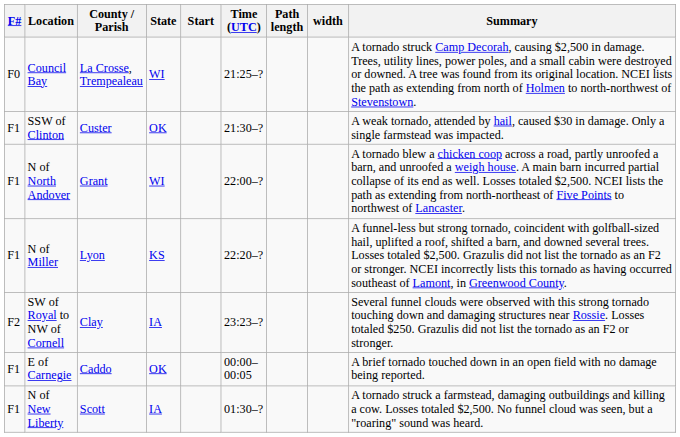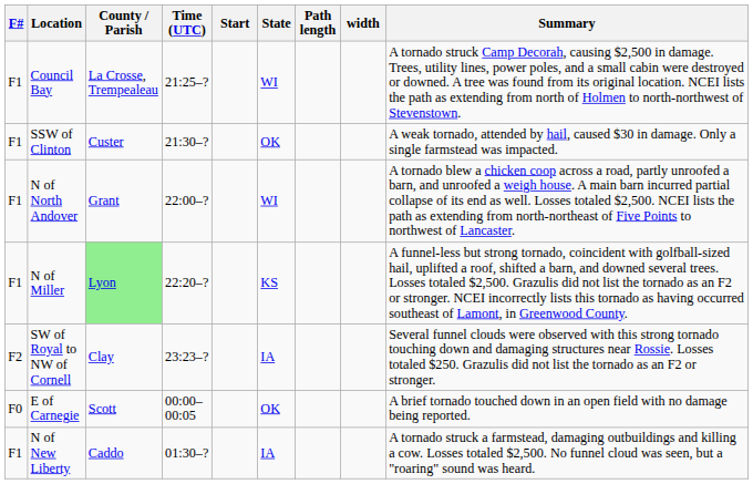 <table class="wikitable sortable" style="width:100%;">
 <tr>
 <th scope="col"  style="width:3%; text-align:center;"><a href='#'>F#</a></th>
 <th scope="col"  style="width:7%; text-align:center;" class="unsortable">Location</th>
 <th scope="col"  style="width:6%; text-align:center;" class="unsortable">County / Parish</th>
+<th scope="col"  style="width:6%; text-align:center;">Time (<a href='#'>UTC</a>)</th>
+<th scope="col"  style="width:6%; text-align:center;">Start<br></th>
 <th scope="col"  style="width:5%; text-align:center;">State</th>
-<th scope="col"  style="width:6%; text-align:center;">Start<br></th>
-<th scope="col"  style="width:6%; text-align:center;">Time (<a href='#'>UTC</a>)</th>
 <th scope="col"  style="width:6%; text-align:center;">Path length</th>
 <th scope="col"  style="width:6%; text-align:center;"> width</th>
 <th scope="col" class="unsortable" style="width:48%; text-align:center;">Summary</th>
 </tr>
 <tr>
-<td>F0</td>
+<td>F1</td>
 <td><a href='#'>Council Bay</a></td>
 <td><a href='#'>La Crosse</a>, <a href='#'>Trempealeau</a></td>
+<td>21:25–?</td>
+<td></td>
 <td><a href='#'>WI</a></td>
-<td></td>
-<td>21:25–?</td>
 <td></td>
 <td></td>
 <td>A tornado struck <a href='#'>Camp Decorah</a>, causing $2,500 in damage. Trees, utility lines, power poles, and a small cabin were destroyed or downed. A  tree was found  from its original location. NCEI lists the path as extending from north of <a href='#'>Holmen</a> to north-northwest of <a href='#'>Stevenstown</a>.</td>
 </tr>
 <tr>
 <td>F1</td>
 <td>SSW of <a href='#'>Clinton</a></td>
 <td><a href='#'>Custer</a></td>
+<td>21:30–?</td>
+<td></td>
 <td><a href='#'>OK</a></td>
-<td></td>
-<td>21:30–?</td>
 <td></td>
 <td></td>
 <td>A weak tornado, attended by  <a href='#'>hail</a>, caused $30 in damage. Only a single farmstead was impacted.</td>
 </tr>
 <tr>
 <td>F1</td>
 <td>N of <a href='#'>North Andover</a></td>
 <td><a href='#'>Grant</a></td>
+<td>22:00–?</td>
+<td></td>
 <td><a href='#'>WI</a></td>
-<td></td>
-<td>22:00–?</td>
 <td></td>
 <td></td>
 <td>A tornado blew a <a href='#'>chicken coop</a> across a road, partly unroofed a barn, and unroofed a <a href='#'>weigh house</a>. A main barn incurred partial collapse of its end as well. Losses totaled $2,500. NCEI lists the path as extending from north-northeast of <a href='#'>Five Points</a> to northwest of <a href='#'>Lancaster</a>.</td>
 </tr>
 <tr>
 <td>F1</td>
 <td>N of <a href='#'>Miller</a></td>
-<td><a href='#'>Lyon</a></td>
+<td style="background: lightgreen;"><a href='#'>Lyon</a></td>
+<td>22:20–?</td>
+<td></td>
 <td><a href='#'>KS</a></td>
-<td></td>
-<td>22:20–?</td>
 <td></td>
 <td></td>
 <td>A funnel-less but strong tornado, coincident with golfball-sized hail, uplifted a roof, shifted a barn, and downed several trees. Losses totaled $2,500. Grazulis did not list the tornado as an F2 or stronger. NCEI incorrectly lists this tornado as having occurred southeast of <a href='#'>Lamont</a>, in <a href='#'>Greenwood County</a>.</td>
 </tr>
 <tr>
 <td>F2</td>
 <td>SW of <a href='#'>Royal</a> to NW of <a href='#'>Cornell</a></td>
 <td><a href='#'>Clay</a></td>
+<td>23:23–?</td>
+<td></td>
 <td><a href='#'>IA</a></td>
-<td></td>
-<td>23:23–?</td>
 <td></td>
 <td></td>
 <td>Several funnel clouds were observed with this strong tornado touching down and damaging structures near <a href='#'>Rossie</a>. Losses totaled $250. Grazulis did not list the tornado as an F2 or stronger.</td>
 </tr>
 <tr>
-<td>F1</td>
+<td>F0</td>
 <td>E of <a href='#'>Carnegie</a></td>
-<td><a href='#'>Caddo</a></td>
+<td><a href='#'>Scott</a></td>
+<td>00:00–00:05</td>
+<td></td>
 <td><a href='#'>OK</a></td>
-<td></td>
-<td>00:00–00:05</td>
 <td></td>
 <td></td>
 <td>A brief tornado touched down in an open field with no damage being reported.</td>
 </tr>
 <tr>
 <td>F1</td>
 <td>N of <a href='#'>New Liberty</a></td>
-<td><a href='#'>Scott</a></td>
+<td><a href='#'>Caddo</a></td>
+<td>01:30–?</td>
+<td></td>
 <td><a href='#'>IA</a></td>
-<td></td>
-<td>01:30–?</td>
 <td></td>
 <td></td>
 <td>A tornado struck a farmstead, damaging outbuildings and killing a cow. Losses totaled $2,500. No funnel cloud was seen, but a "roaring" sound was heard.</td>
 </tr>
 </table>
